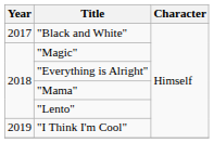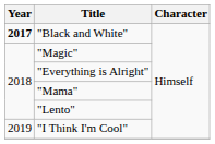 <table class="wikitable">
 <tr>
 <th>Year</th>
 <th>Title</th>
 <th>Character</th>
 </tr>
 <tr>
-<td>2017</td>
+<td><strong>2017</strong></td>
 <td>"Black and White"</td>
 <td rowspan="6">Himself</td>
 </tr>
 <tr>
 <td rowspan="4">2018</td>
 <td>"Magic"</td>
 </tr>
 <tr>
 <td>"Everything is Alright"</td>
 </tr>
 <tr>
 <td>"Mama"</td>
 </tr>
 <tr>
 <td>"Lento"</td>
 </tr>
 <tr>
 <td>2019</td>
 <td>"I Think I'm Cool"</td>
 </tr>
 <tr>
 </tr>
 </table>
